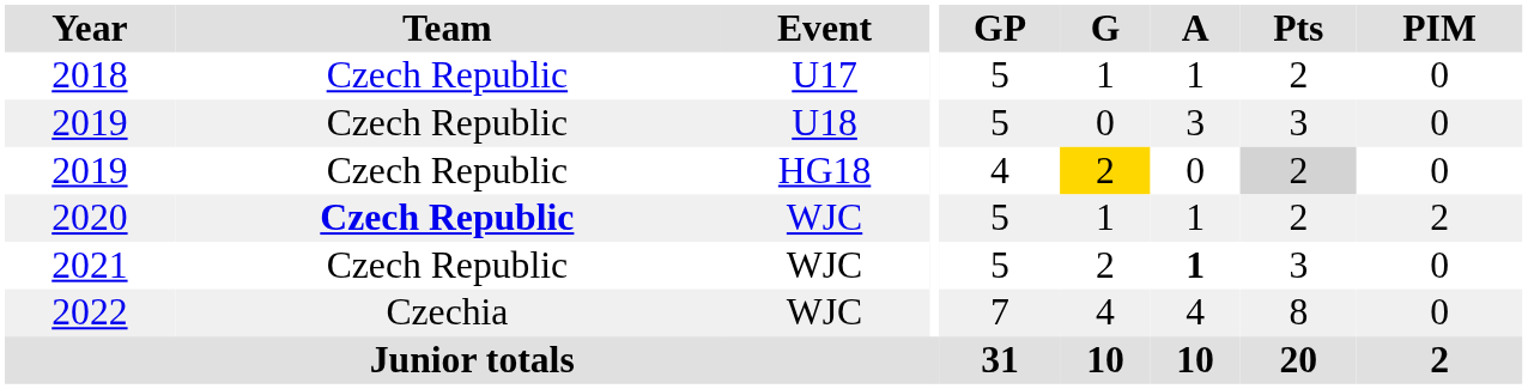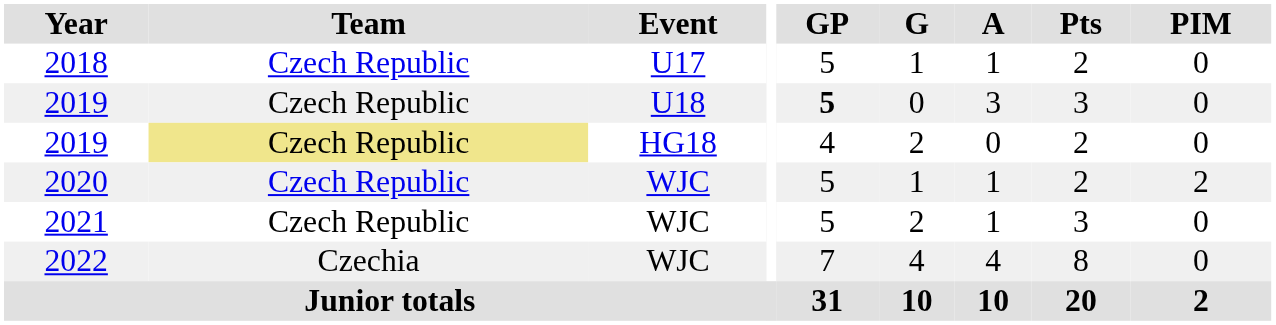 <table border="0" cellpadding="1" cellspacing="0" ID="Table3" style="text-align:center; width:40em;">
 <tr bgcolor="#e0e0e0">
 <th>Year</th>
 <th>Team</th>
 <th>Event</th>
 <th rowspan="102" bgcolor="#ffffff"></th>
 <th>GP</th>
 <th>G</th>
 <th>A</th>
 <th>Pts</th>
 <th>PIM</th>
 </tr>
 <tr>
 <td><a href='#'>2018</a></td>
 <td><a href='#'>Czech Republic</a></td>
 <td><a href='#'>U17</a></td>
 <td>5</td>
 <td>1</td>
 <td>1</td>
 <td>2</td>
 <td>0</td>
 </tr>
 <tr bgcolor="#f0f0f0">
 <td><a href='#'>2019</a></td>
 <td>Czech Republic</td>
 <td><a href='#'>U18</a></td>
-<td>5</td>
+<td><strong>5</strong></td>
 <td>0</td>
 <td>3</td>
 <td>3</td>
 <td>0</td>
 </tr>
 <tr>
 <td><a href='#'>2019</a></td>
-<td>Czech Republic</td>
+<td style="background: khaki;">Czech Republic</td>
 <td><a href='#'>HG18</a></td>
 <td>4</td>
-<td style="background: gold;">2</td>
+<td>2</td>
 <td>0</td>
-<td style="background: lightgrey;">2</td>
+<td>2</td>
 <td>0</td>
 </tr>
 <tr bgcolor="#f0f0f0">
 <td><a href='#'>2020</a></td>
-<td><strong><a href='#'>Czech Republic</a></strong></td>
+<td><a href='#'>Czech Republic</a></td>
 <td><a href='#'>WJC</a></td>
 <td>5</td>
 <td>1</td>
 <td>1</td>
 <td>2</td>
 <td>2</td>
 </tr>
 <tr>
 <td><a href='#'>2021</a></td>
 <td>Czech Republic</td>
 <td>WJC</td>
 <td>5</td>
 <td>2</td>
-<td><strong>1</strong></td>
+<td>1</td>
 <td>3</td>
 <td>0</td>
 </tr>
 <tr bgcolor="#f0f0f0">
 <td><a href='#'>2022</a></td>
 <td>Czechia</td>
 <td>WJC</td>
 <td>7</td>
 <td>4</td>
 <td>4</td>
 <td>8</td>
 <td>0</td>
 </tr>
 <tr bgcolor="#e0e0e0">
 <th colspan="4">Junior totals</th>
 <th>31</th>
 <th>10</th>
 <th>10</th>
 <th>20</th>
 <th>2</th>
 </tr>
 </table>
